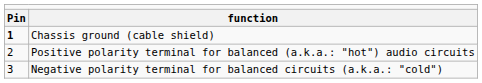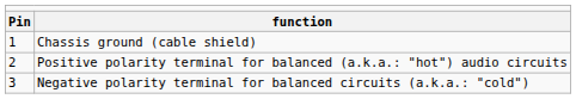 <table class="wikitable">
 <tr>
 <td colspan="2" style="text-align:center;"></td>
 </tr>
 <tr>
 <th>Pin</th>
 <th>function</th>
 </tr>
 <tr>
-<td><strong>1</strong></td>
+<td>1</td>
 <td>Chassis ground (cable shield)</td>
 </tr>
 <tr>
 <td>2</td>
 <td>Positive polarity terminal for balanced (a.k.a.: "hot") audio circuits</td>
 </tr>
 <tr>
 <td>3</td>
 <td>Negative polarity terminal for balanced circuits (a.k.a.:  "cold") </td>
 </tr>
 </table>
